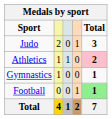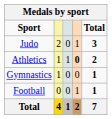 <table class="wikitable" style="font-size:95%">
 <tr style="background:#efefef;">
 <th colspan=5><strong>Medals by sport</strong></th>
 </tr>
 <tr align=center>
 <td><strong>Sport</strong></td>
 <td bgcolor=#f7f6a8></td>
 <td bgcolor=#dce5e5></td>
 <td bgcolor=#ffdab9></td>
 <td><strong>Total</strong></td>
 </tr>
 <tr align=center>
 <td><a href='#'>Judo</a></td>
 <td style="background:#F7F6A8;">2</td>
 <td style="background:#DCE5E5;">0</td>
 <td style="background:#FFDAB9;">1</td>
 <td><strong>3</strong></td>
 </tr>
 <tr align=center>
 <td><a href='#'>Athletics</a></td>
 <td style="background:#F7F6A8;">1</td>
 <td style="background:#DCE5E5;">1</td>
-<td style="background:#FFDAB9;">0</td>
-<td style="background: pink;"><strong>2</strong></td>
+<td style="background:#FFDAB9;"><strong>0</strong></td>
+<td><strong>2</strong></td>
 </tr>
 <tr align=center>
 <td><a href='#'>Gymnastics</a></td>
 <td style="background:#F7F6A8;">1</td>
 <td style="background:#DCE5E5;">0</td>
 <td style="background:#FFDAB9;">0</td>
 <td><strong>1</strong></td>
 </tr>
 <tr align=center>
 <td><a href='#'>Football</a></td>
 <td style="background:#F7F6A8;">0</td>
 <td style="background:#DCE5E5;">0</td>
 <td style="background:#FFDAB9;">1</td>
-<td style="background: lightgreen;"><strong>1</strong></td>
+<td><strong>1</strong></td>
 </tr>
 <tr align=center>
 <th><strong>Total</strong></th>
 <th style="background:gold;"><strong>4</strong></th>
 <th style="background:silver;"><strong>1</strong></th>
 <th style="background:#c96;"><strong>2</strong></th>
 <th><strong>7</strong></th>
 </tr>
 </table>
